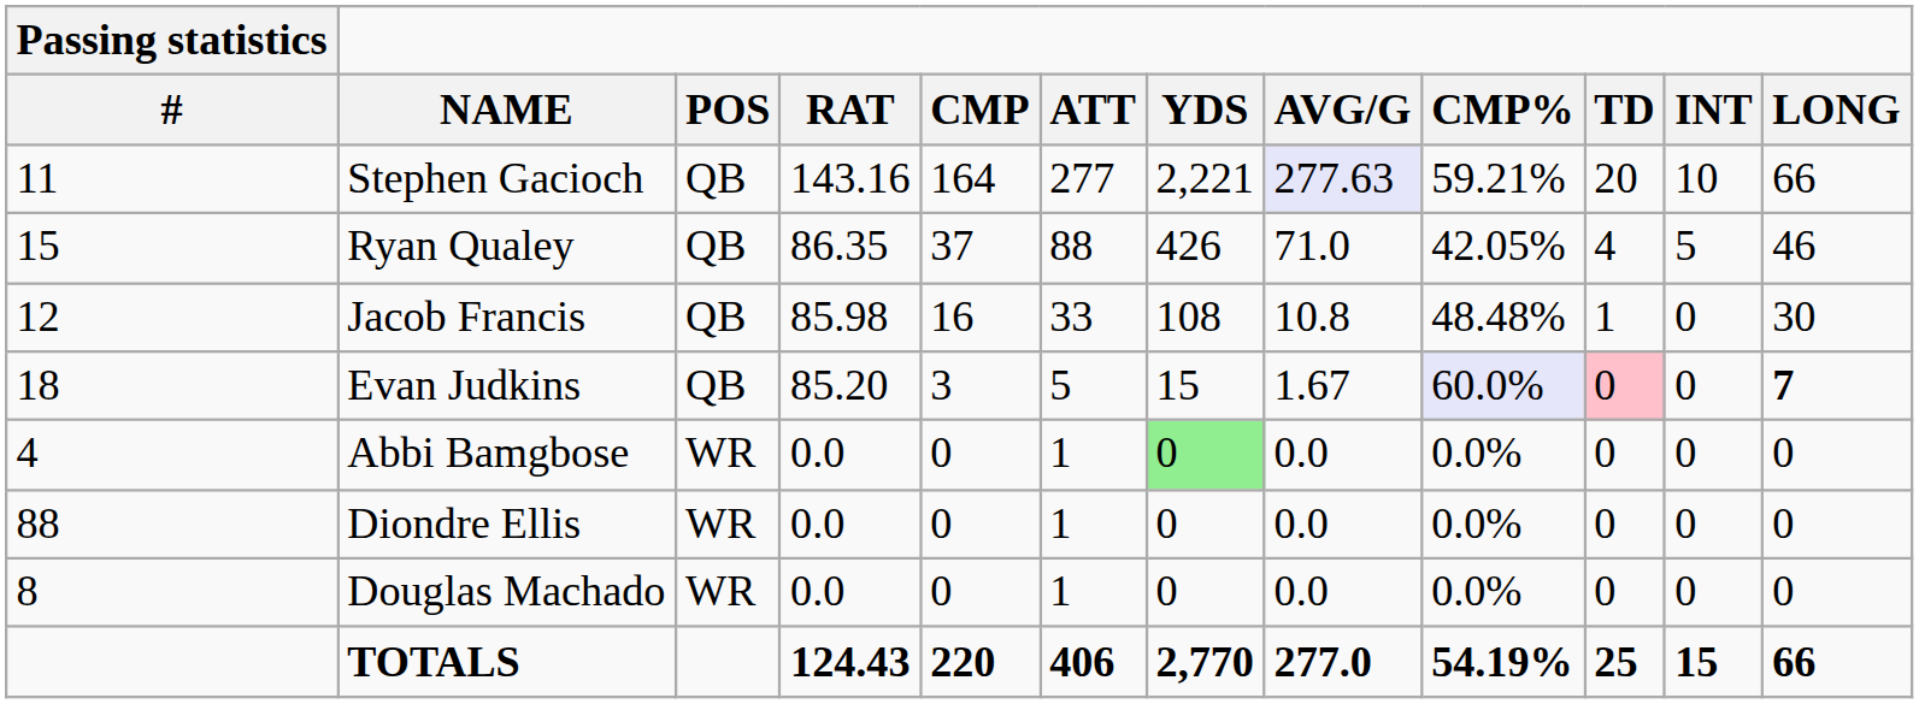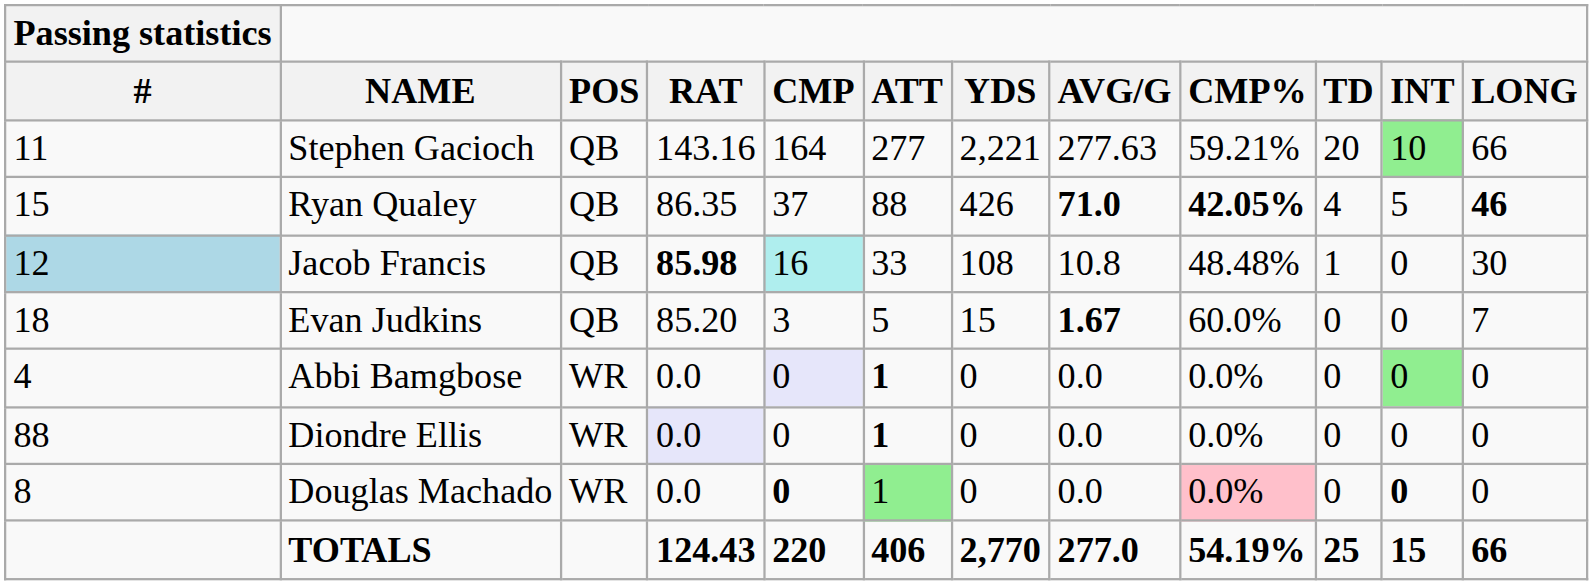 <table class="wikitable">
 <tr>
 <th style="text-align:center; ">Passing statistics</th>
 </tr>
 <tr>
 <th>#</th>
 <th>NAME</th>
 <th>POS</th>
 <th>RAT</th>
 <th>CMP</th>
 <th>ATT</th>
 <th>YDS</th>
 <th>AVG/G</th>
 <th>CMP%</th>
 <th>TD</th>
 <th>INT</th>
 <th>LONG</th>
 </tr>
 <tr>
 <td>11</td>
 <td>Stephen Gacioch</td>
 <td>QB</td>
 <td>143.16</td>
 <td>164</td>
 <td>277</td>
 <td>2,221</td>
-<td style="background: lavender;">277.63</td>
+<td>277.63</td>
 <td>59.21%</td>
 <td>20</td>
-<td>10</td>
+<td style="background: lightgreen;">10</td>
 <td>66</td>
 </tr>
 <tr>
 <td>15</td>
 <td>Ryan Qualey</td>
 <td>QB</td>
 <td>86.35</td>
 <td>37</td>
 <td>88</td>
 <td>426</td>
-<td>71.0</td>
-<td>42.05%</td>
+<td><strong>71.0</strong></td>
+<td><strong>42.05%</strong></td>
 <td>4</td>
 <td>5</td>
-<td>46</td>
+<td><strong>46</strong></td>
 </tr>
 <tr>
-<td>12</td>
+<td style="background: lightblue;">12</td>
 <td>Jacob Francis</td>
 <td>QB</td>
-<td>85.98</td>
-<td>16</td>
+<td><strong>85.98</strong></td>
+<td style="background: paleturquoise;">16</td>
 <td>33</td>
 <td>108</td>
 <td>10.8</td>
 <td>48.48%</td>
 <td>1</td>
 <td>0</td>
 <td>30</td>
 </tr>
 <tr>
 <td>18</td>
 <td>Evan Judkins</td>
 <td>QB</td>
 <td>85.20</td>
 <td>3</td>
 <td>5</td>
 <td>15</td>
-<td>1.67</td>
-<td style="background: lavender;">60.0%</td>
-<td style="background: pink;">0</td>
+<td><strong>1.67</strong></td>
+<td>60.0%</td>
 <td>0</td>
-<td><strong>7</strong></td>
+<td>0</td>
+<td>7</td>
 </tr>
 <tr>
 <td>4</td>
 <td>Abbi Bamgbose</td>
 <td>WR</td>
 <td>0.0</td>
+<td style="background: lavender;">0</td>
+<td><strong>1</strong></td>
 <td>0</td>
-<td>1</td>
-<td style="background: lightgreen;">0</td>
 <td>0.0</td>
 <td>0.0%</td>
 <td>0</td>
-<td>0</td>
+<td style="background: lightgreen;">0</td>
 <td>0</td>
 </tr>
 <tr>
 <td>88</td>
 <td>Diondre Ellis</td>
 <td>WR</td>
-<td>0.0</td>
+<td style="background: lavender;">0.0</td>
 <td>0</td>
-<td>1</td>
+<td><strong>1</strong></td>
 <td>0</td>
 <td>0.0</td>
 <td>0.0%</td>
 <td>0</td>
 <td>0</td>
 <td>0</td>
 </tr>
 <tr>
 <td>8</td>
 <td>Douglas Machado</td>
 <td>WR</td>
 <td>0.0</td>
-<td>0</td>
-<td>1</td>
+<td><strong>0</strong></td>
+<td style="background: lightgreen;">1</td>
 <td>0</td>
 <td>0.0</td>
-<td>0.0%</td>
+<td style="background: pink;">0.0%</td>
 <td>0</td>
-<td>0</td>
+<td><strong>0</strong></td>
 <td>0</td>
 </tr>
 <tr>
 <td></td>
 <td><strong>TOTALS</strong></td>
 <td></td>
 <td><strong>124.43</strong></td>
 <td><strong>220</strong></td>
 <td><strong>406</strong></td>
 <td><strong>2,770</strong></td>
 <td><strong>277.0</strong></td>
 <td><strong>54.19%</strong></td>
 <td><strong>25</strong></td>
 <td><strong>15</strong></td>
 <td><strong>66</strong></td>
 </tr>
 </table>
